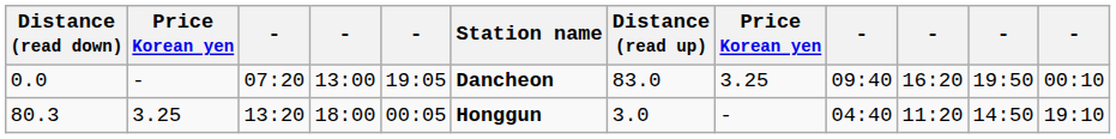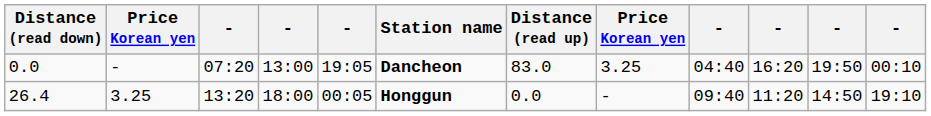 <table class="wikitable" style="font-size:90%;">
 <tr>
 <th>Distance<br><small>(read down)</small></th>
 <th>Price<br><small><a href='#'>Korean yen</a></small></th>
 <th><strong>-</strong></th>
 <th><strong>-</strong></th>
 <th><strong>-</strong></th>
 <th>Station name</th>
 <th>Distance<br><small>(read up)</small></th>
 <th>Price<br><small><a href='#'>Korean yen</a></small></th>
 <th><strong>-</strong></th>
 <th><strong>-</strong></th>
 <th><strong>-</strong></th>
 <th><strong>-</strong></th>
 </tr>
 <tr>
 <td>0.0</td>
 <td>-</td>
 <td>07:20</td>
 <td>13:00</td>
 <td>19:05</td>
 <td><strong>Dancheon</strong></td>
 <td>83.0</td>
 <td>3.25</td>
-<td>09:40</td>
+<td>04:40</td>
 <td>16:20</td>
 <td>19:50</td>
 <td>00:10</td>
 </tr>
 <tr>
-<td>80.3</td>
+<td>26.4</td>
 <td>3.25</td>
 <td>13:20</td>
 <td>18:00</td>
 <td>00:05</td>
 <td><strong>Honggun</strong></td>
-<td>3.0</td>
+<td>0.0</td>
 <td>-</td>
-<td>04:40</td>
+<td>09:40</td>
 <td>11:20</td>
 <td>14:50</td>
 <td>19:10</td>
 </tr>
 </table>
